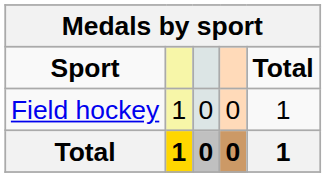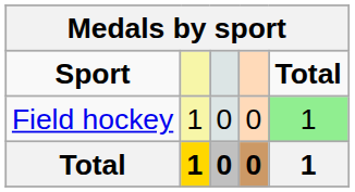 <table class="wikitable" style="font-size:95%; float:right;">
 <tr style="background:#efefef;">
 <th colspan=5><strong>Medals by sport</strong></th>
 </tr>
 <tr align=center>
 <td><strong>Sport</strong></td>
 <td style="background:#f7f6a8;"></td>
 <td style="background:#dce5e5;"></td>
 <td style="background:#ffdab9;"></td>
 <td><strong>Total</strong></td>
 </tr>
 <tr align=center>
 <td><a href='#'>Field hockey</a></td>
 <td style="background:#f7f6a8;">1</td>
 <td style="background:#dce5e5;">0</td>
 <td style="background:#ffdab9;">0</td>
-<td>1</td>
+<td style="background: lightgreen;">1</td>
 </tr>
 <tr align=center>
 <th><strong>Total</strong></th>
 <th style="background:gold;"><strong>1</strong></th>
 <th style="background:silver;"><strong>0</strong></th>
 <th style="background:#c96;"><strong>0</strong></th>
 <th><strong>1</strong></th>
 </tr>
 </table>
